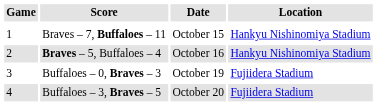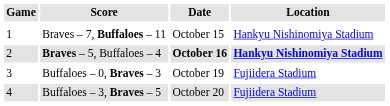 <table border="0" cellspacing="3" cellpadding="3">
 <tr style="background: #e3e3e3;">
 <th>Game</th>
 <th>Score</th>
 <th>Date</th>
 <th>Location</th>
 </tr>
 <tr style="background: #e3e3e3;">
 </tr>
 <tr>
 <td>1</td>
 <td>Braves – 7, <strong>Buffaloes</strong> – 11</td>
 <td>October 15</td>
 <td><a href='#'>Hankyu Nishinomiya Stadium</a></td>
 </tr>
 <tr style="background: #e3e3e3;">
 <td>2</td>
 <td><strong>Braves</strong> – 5, Buffaloes – 4</td>
-<td>October 16</td>
-<td><a href='#'>Hankyu Nishinomiya Stadium</a></td>
+<td><strong>October 16</strong></td>
+<td><strong><a href='#'>Hankyu Nishinomiya Stadium</a></strong></td>
 </tr>
 <tr>
 <td>3</td>
 <td>Buffaloes – 0, <strong>Braves</strong> – 3</td>
 <td>October 19</td>
 <td><a href='#'>Fujiidera Stadium</a></td>
 </tr>
 <tr style="background: #e3e3e3;">
 <td>4</td>
 <td>Buffaloes – 3, <strong>Braves</strong> – 5</td>
 <td>October 20</td>
 <td><a href='#'>Fujiidera Stadium</a></td>
 </tr>
 </table>
